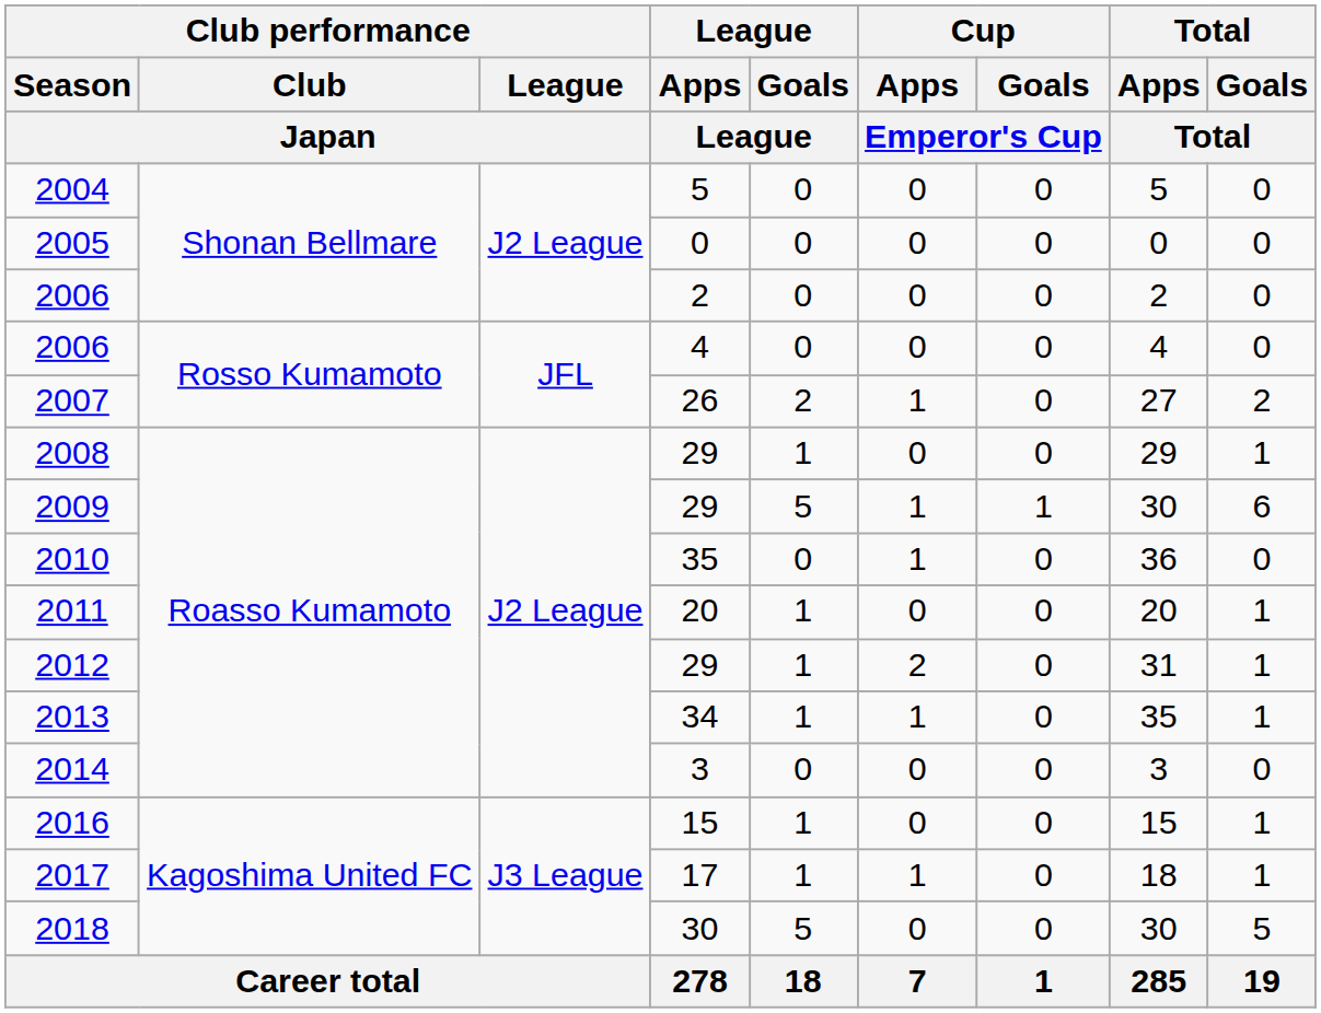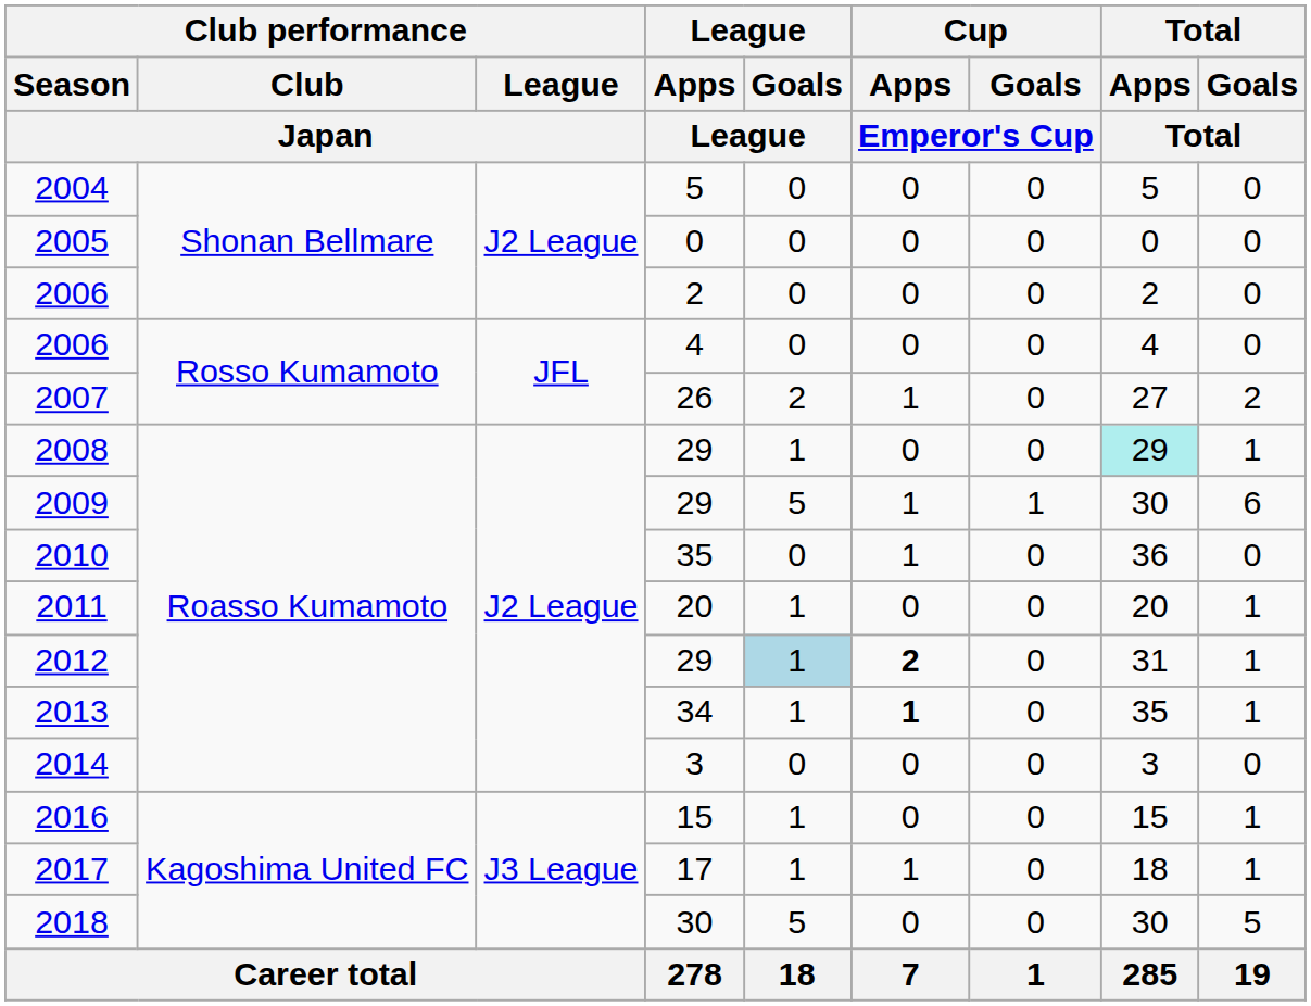 <table class="wikitable" style="text-align:center">
 <tr>
 <th colspan=3>Club performance</th>
 <th colspan=2>League</th>
 <th colspan=2>Cup</th>
 <th colspan=2>Total</th>
 </tr>
 <tr>
 <th>Season</th>
 <th>Club</th>
 <th>League</th>
 <th>Apps</th>
 <th>Goals</th>
 <th>Apps</th>
 <th>Goals</th>
 <th>Apps</th>
 <th>Goals</th>
 </tr>
 <tr>
 <th colspan=3>Japan</th>
 <th colspan=2>League</th>
 <th colspan=2><a href='#'>Emperor's Cup</a></th>
 <th colspan=2>Total</th>
 </tr>
 <tr>
 <td><a href='#'>2004</a></td>
 <td rowspan="3"><a href='#'>Shonan Bellmare</a></td>
 <td rowspan="3"><a href='#'>J2 League</a></td>
 <td>5</td>
 <td>0</td>
 <td>0</td>
 <td>0</td>
 <td>5</td>
 <td>0</td>
 </tr>
 <tr>
 <td><a href='#'>2005</a></td>
 <td>0</td>
 <td>0</td>
 <td>0</td>
 <td>0</td>
 <td>0</td>
 <td>0</td>
 </tr>
 <tr>
 <td><a href='#'>2006</a></td>
 <td>2</td>
 <td>0</td>
 <td>0</td>
 <td>0</td>
 <td>2</td>
 <td>0</td>
 </tr>
 <tr>
 <td><a href='#'>2006</a></td>
 <td rowspan="2"><a href='#'>Rosso Kumamoto</a></td>
 <td rowspan="2"><a href='#'>JFL</a></td>
 <td>4</td>
 <td>0</td>
 <td>0</td>
 <td>0</td>
 <td>4</td>
 <td>0</td>
 </tr>
 <tr>
 <td><a href='#'>2007</a></td>
 <td>26</td>
 <td>2</td>
 <td>1</td>
 <td>0</td>
 <td>27</td>
 <td>2</td>
 </tr>
 <tr>
 <td><a href='#'>2008</a></td>
 <td rowspan="7"><a href='#'>Roasso Kumamoto</a></td>
 <td rowspan="7"><a href='#'>J2 League</a></td>
 <td>29</td>
 <td>1</td>
 <td>0</td>
 <td>0</td>
-<td>29</td>
+<td style="background: paleturquoise;">29</td>
 <td>1</td>
 </tr>
 <tr>
 <td><a href='#'>2009</a></td>
 <td>29</td>
 <td>5</td>
 <td>1</td>
 <td>1</td>
 <td>30</td>
 <td>6</td>
 </tr>
 <tr>
 <td><a href='#'>2010</a></td>
 <td>35</td>
 <td>0</td>
 <td>1</td>
 <td>0</td>
 <td>36</td>
 <td>0</td>
 </tr>
 <tr>
 <td><a href='#'>2011</a></td>
 <td>20</td>
 <td>1</td>
 <td>0</td>
 <td>0</td>
 <td>20</td>
 <td>1</td>
 </tr>
 <tr>
 <td><a href='#'>2012</a></td>
 <td>29</td>
-<td>1</td>
-<td>2</td>
+<td style="background: lightblue;">1</td>
+<td><strong>2</strong></td>
 <td>0</td>
 <td>31</td>
 <td>1</td>
 </tr>
 <tr>
 <td><a href='#'>2013</a></td>
 <td>34</td>
 <td>1</td>
-<td>1</td>
+<td><strong>1</strong></td>
 <td>0</td>
 <td>35</td>
 <td>1</td>
 </tr>
 <tr>
 <td><a href='#'>2014</a></td>
 <td>3</td>
 <td>0</td>
 <td>0</td>
 <td>0</td>
 <td>3</td>
 <td>0</td>
 </tr>
 <tr>
 <td><a href='#'>2016</a></td>
 <td rowspan="3"><a href='#'>Kagoshima United FC</a></td>
 <td rowspan="3"><a href='#'>J3 League</a></td>
 <td>15</td>
 <td>1</td>
 <td>0</td>
 <td>0</td>
 <td>15</td>
 <td>1</td>
 </tr>
 <tr>
 <td><a href='#'>2017</a></td>
 <td>17</td>
 <td>1</td>
 <td>1</td>
 <td>0</td>
 <td>18</td>
 <td>1</td>
 </tr>
 <tr>
 <td><a href='#'>2018</a></td>
 <td>30</td>
 <td>5</td>
 <td>0</td>
 <td>0</td>
 <td>30</td>
 <td>5</td>
 </tr>
 <tr>
 <th colspan=3>Career total</th>
 <th>278</th>
 <th>18</th>
 <th>7</th>
 <th>1</th>
 <th>285</th>
 <th>19</th>
 </tr>
 </table>
